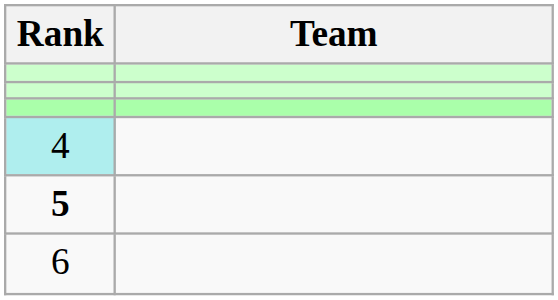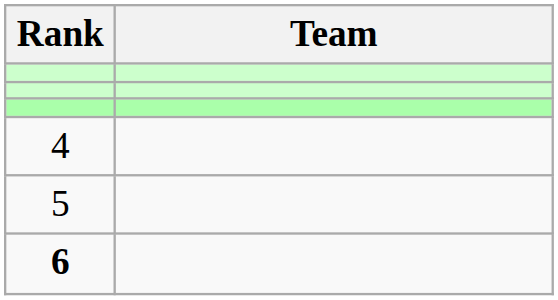 <table class="wikitable" style="text-align: center;">
 <tr>
 <th width=40>Rank</th>
 <th width=180>Team</th>
 </tr>
 <tr bgcolor="#ccffcc">
 <td></td>
 <td align="left"></td>
 </tr>
 <tr bgcolor="#ccffcc">
 <td></td>
 <td align="left"></td>
 </tr>
 <tr bgcolor="#aaffaa">
 <td></td>
 <td align="left"></td>
 </tr>
 <tr>
-<td style="background: paleturquoise;">4</td>
+<td>4</td>
 <td align="left"></td>
 </tr>
 <tr>
-<td><strong>5</strong></td>
+<td>5</td>
 <td align="left"></td>
 </tr>
 <tr>
-<td>6</td>
+<td><strong>6</strong></td>
 <td align="left"></td>
 </tr>
 </table>
